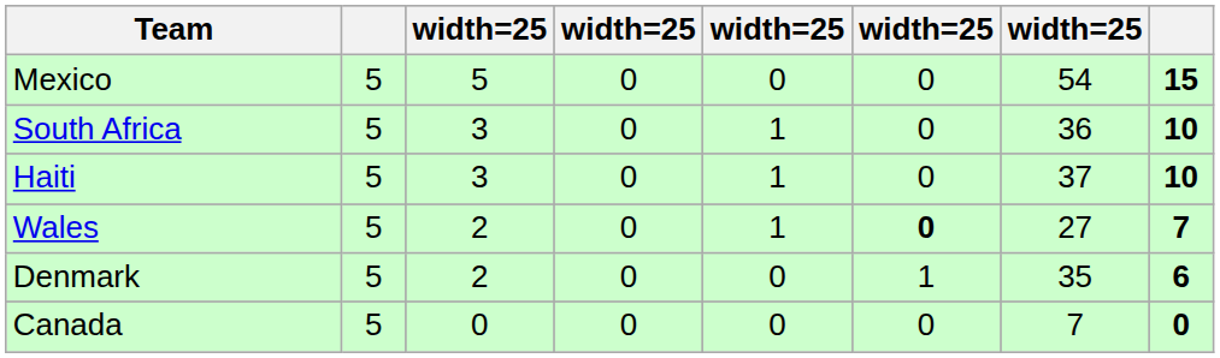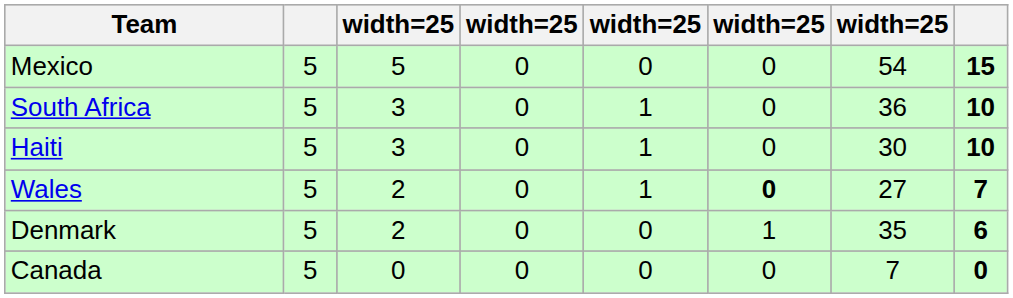 <table class="wikitable sortable" style="text-align: center;">
 <tr>
 <th width=165>Team</th>
 <th width=25></th>
 <th>width=25</th>
 <th>width=25</th>
 <th>width=25</th>
 <th>width=25</th>
 <th>width=25</th>
 <th width=25></th>
 </tr>
 <tr style="background:#ccffcc;">
 <td style="text-align:left;"> Mexico</td>
 <td>5</td>
 <td>5</td>
 <td>0</td>
 <td>0</td>
 <td>0</td>
 <td>54</td>
 <td><strong>15</strong></td>
 </tr>
 <tr style="background:#ccffcc;">
 <td style="text-align:left;"> <a href='#'>South Africa</a></td>
 <td>5</td>
 <td>3</td>
 <td>0</td>
 <td>1</td>
 <td>0</td>
 <td>36</td>
 <td><strong>10</strong></td>
 </tr>
 <tr style="background:#ccffcc;">
 <td style="text-align:left;"> <a href='#'>Haiti</a></td>
 <td>5</td>
 <td>3</td>
 <td>0</td>
 <td>1</td>
 <td>0</td>
-<td>37</td>
+<td>30</td>
 <td><strong>10</strong></td>
 </tr>
 <tr style="background:#ccffcc;">
 <td style="text-align:left;"> <a href='#'>Wales</a></td>
 <td>5</td>
 <td>2</td>
 <td>0</td>
 <td>1</td>
 <td><strong>0</strong></td>
 <td>27</td>
 <td><strong>7</strong></td>
 </tr>
 <tr style="background:#ccffcc;">
 <td style="text-align:left;"> Denmark</td>
 <td>5</td>
 <td>2</td>
 <td>0</td>
 <td>0</td>
 <td>1</td>
 <td>35</td>
 <td><strong>6</strong></td>
 </tr>
 <tr style="background:#ccffcc;">
 <td style="text-align:left;"> Canada</td>
 <td>5</td>
 <td>0</td>
 <td>0</td>
 <td>0</td>
 <td>0</td>
 <td>7</td>
 <td><strong>0</strong></td>
 </tr>
 </table>
